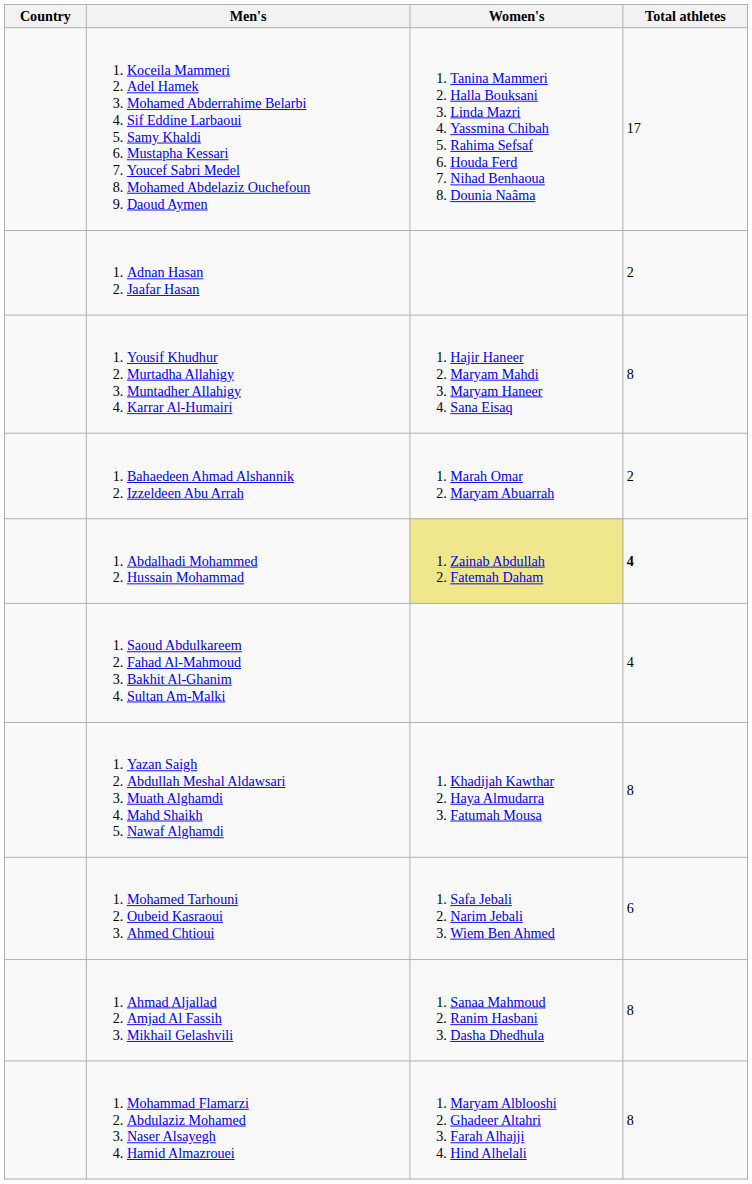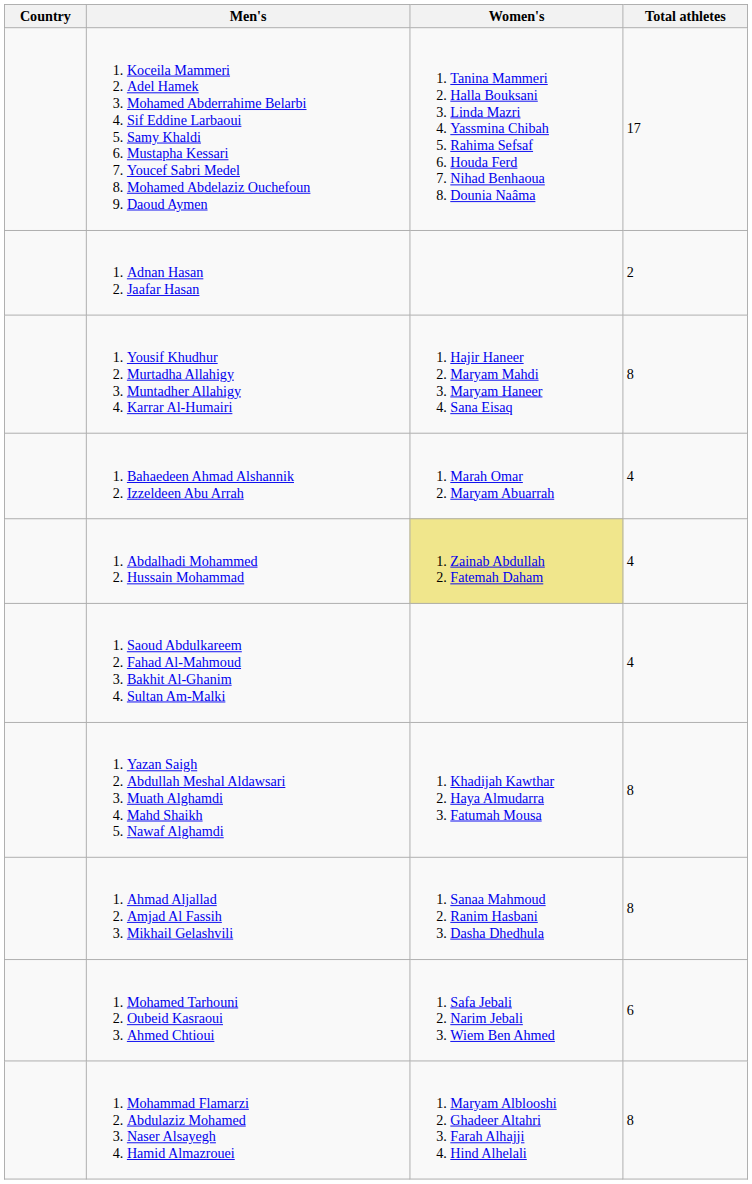 <table class="wikitable" style="width:800px; font-size:95%;">
 <tr>
 <th align="left">Country</th>
 <th align="left">Men's</th>
 <th align="left">Women's</th>
 <th align="center">Total athletes</th>
 </tr>
 <tr>
 <td></td>
 <td><br><ol><li><a href='#'>Koceila Mammeri</a></li><li><a href='#'>Adel Hamek</a></li><li><a href='#'>Mohamed Abderrahime Belarbi</a></li><li><a href='#'>Sif Eddine Larbaoui</a></li><li><a href='#'>Samy Khaldi</a></li><li><a href='#'>Mustapha Kessari</a></li><li><a href='#'>Youcef Sabri Medel</a></li><li><a href='#'>Mohamed Abdelaziz Ouchefoun</a></li><li><a href='#'>Daoud Aymen</a></li></ol></td>
 <td><br><ol><li><a href='#'>Tanina Mammeri</a></li><li><a href='#'>Halla Bouksani</a></li><li><a href='#'>Linda Mazri</a></li><li><a href='#'>Yassmina Chibah</a></li><li><a href='#'>Rahima Sefsaf</a></li><li><a href='#'>Houda Ferd</a></li><li><a href='#'>Nihad Benhaoua</a></li><li><a href='#'>Dounia Naâma</a></li></ol></td>
 <td>17</td>
 </tr>
 <tr>
 <td></td>
 <td><br><ol><li><a href='#'>Adnan Hasan</a></li><li><a href='#'>Jaafar Hasan</a></li></ol></td>
 <td></td>
 <td>2</td>
 </tr>
 <tr>
 <td></td>
 <td><br><ol><li><a href='#'>Yousif Khudhur</a></li><li><a href='#'>Murtadha Allahigy</a></li><li><a href='#'>Muntadher Allahigy</a></li><li><a href='#'>Karrar Al-Humairi</a></li></ol></td>
 <td><br><ol><li><a href='#'>Hajir Haneer</a></li><li><a href='#'>Maryam Mahdi</a></li><li><a href='#'>Maryam Haneer</a></li><li><a href='#'>Sana Eisaq</a></li></ol></td>
 <td>8</td>
 </tr>
 <tr>
 <td></td>
 <td><br><ol><li><a href='#'>Bahaedeen Ahmad Alshannik</a></li><li><a href='#'>Izzeldeen Abu Arrah</a></li></ol></td>
 <td><br><ol><li><a href='#'>Marah Omar</a></li><li><a href='#'>Maryam Abuarrah</a></li></ol></td>
-<td>2</td>
+<td>4</td>
 </tr>
 <tr>
 <td></td>
 <td><br><ol><li><a href='#'>Abdalhadi Mohammed</a></li><li><a href='#'>Hussain Mohammad</a></li></ol></td>
 <td style="background: khaki;"><br><ol><li><a href='#'>Zainab Abdullah</a></li><li><a href='#'>Fatemah Daham</a></li></ol></td>
-<td><strong>4</strong></td>
+<td>4</td>
 </tr>
 <tr>
 <td></td>
 <td><br><ol><li><a href='#'>Saoud Abdulkareem</a></li><li><a href='#'>Fahad Al-Mahmoud</a></li><li><a href='#'>Bakhit Al-Ghanim</a></li><li><a href='#'>Sultan Am-Malki</a></li></ol></td>
 <td></td>
 <td>4</td>
 </tr>
 <tr>
 <td></td>
 <td><br><ol><li><a href='#'>Yazan Saigh</a></li><li><a href='#'>Abdullah Meshal Aldawsari</a></li><li><a href='#'>Muath Alghamdi</a></li><li><a href='#'>Mahd Shaikh</a></li><li><a href='#'>Nawaf Alghamdi</a></li></ol></td>
 <td><br><ol><li><a href='#'>Khadijah Kawthar</a></li><li><a href='#'>Haya Almudarra</a></li><li><a href='#'>Fatumah Mousa</a></li></ol></td>
 <td>8</td>
 </tr>
 <tr>
 <td></td>
+<td><br><ol><li><a href='#'>Ahmad Aljallad</a></li><li><a href='#'>Amjad Al Fassih</a></li><li><a href='#'>Mikhail Gelashvili</a></li></ol></td>
+<td><br><ol><li><a href='#'>Sanaa Mahmoud</a></li><li><a href='#'>Ranim Hasbani</a></li><li><a href='#'>Dasha Dhedhula</a></li></ol></td>
+<td>8</td>
+</tr>
+<tr>
+<td></td>
 <td><br><ol><li><a href='#'>Mohamed Tarhouni</a></li><li><a href='#'>Oubeid Kasraoui</a></li><li><a href='#'>Ahmed Chtioui</a></li></ol></td>
 <td><br><ol><li><a href='#'>Safa Jebali</a></li><li><a href='#'>Narim Jebali</a></li><li><a href='#'>Wiem Ben Ahmed</a></li></ol></td>
 <td>6</td>
-</tr>
-<tr>
-<td></td>
-<td><br><ol><li><a href='#'>Ahmad Aljallad</a></li><li><a href='#'>Amjad Al Fassih</a></li><li><a href='#'>Mikhail Gelashvili</a></li></ol></td>
-<td><br><ol><li><a href='#'>Sanaa Mahmoud</a></li><li><a href='#'>Ranim Hasbani</a></li><li><a href='#'>Dasha Dhedhula</a></li></ol></td>
-<td>8</td>
 </tr>
 <tr>
 <td></td>
 <td><br><ol><li><a href='#'>Mohammad Flamarzi</a></li><li><a href='#'>Abdulaziz Mohamed</a></li><li><a href='#'>Naser Alsayegh</a></li><li><a href='#'>Hamid Almazrouei</a></li></ol></td>
 <td><br><ol><li><a href='#'>Maryam Alblooshi</a></li><li><a href='#'>Ghadeer Altahri</a></li><li><a href='#'>Farah Alhajji</a></li><li><a href='#'>Hind Alhelali</a></li></ol></td>
 <td>8</td>
 </tr>
 </table>
